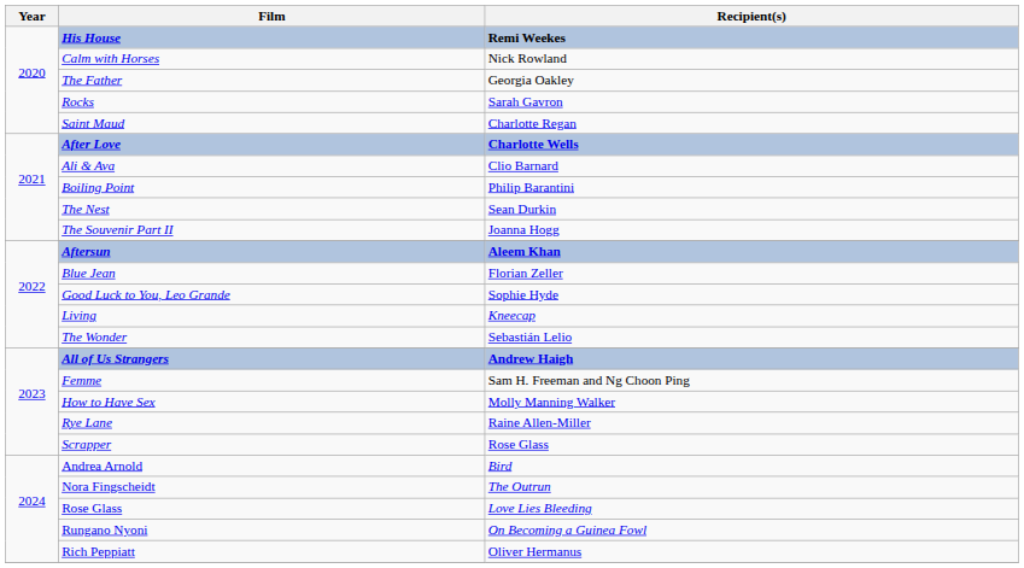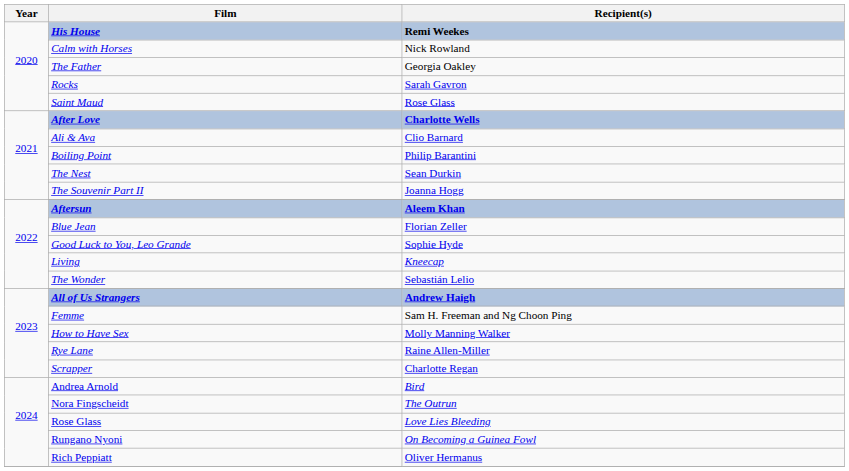 <table class="wikitable" width="95%" cellpadding="5">
 <tr>
 <th width="5%">Year</th>
 <th width="40%">Film</th>
 <th width="50%">Recipient(s)</th>
 </tr>
 <tr>
 <td rowspan="5" style="text-align:center;"><a href='#'>2020</a><br><br></td>
 <td style="background:#B0C4DE"><strong><em><a href='#'>His House</a></em></strong></td>
 <td style="background:#B0C4DE"><strong>Remi Weekes</strong></td>
 </tr>
 <tr>
 <td><em><a href='#'>Calm with Horses</a></em></td>
 <td>Nick Rowland</td>
 </tr>
 <tr>
 <td><em><a href='#'>The Father</a></em></td>
 <td>Georgia Oakley</td>
 </tr>
 <tr>
 <td><em><a href='#'>Rocks</a></em></td>
 <td><a href='#'>Sarah Gavron</a></td>
 </tr>
 <tr>
 <td><em><a href='#'>Saint Maud</a></em></td>
-<td><a href='#'>Charlotte Regan</a></td>
+<td><a href='#'>Rose Glass</a></td>
 </tr>
 <tr>
 <td rowspan="5" style="text-align:center;"><a href='#'>2021</a><br><br></td>
 <td style="background:#B0C4DE"><strong><em><a href='#'>After Love</a></em></strong></td>
 <td style="background:#B0C4DE"><strong><a href='#'>Charlotte Wells</a></strong></td>
 </tr>
 <tr>
 <td><em><a href='#'>Ali & Ava</a></em></td>
 <td><a href='#'>Clio Barnard</a></td>
 </tr>
 <tr>
 <td><em><a href='#'>Boiling Point</a></em></td>
 <td><a href='#'>Philip Barantini</a></td>
 </tr>
 <tr>
 <td><em><a href='#'>The Nest</a></em></td>
 <td><a href='#'>Sean Durkin</a></td>
 </tr>
 <tr>
 <td><em><a href='#'>The Souvenir Part II</a></em></td>
 <td><a href='#'>Joanna Hogg</a></td>
 </tr>
 <tr>
 <td rowspan="6" style="text-align:center;"><a href='#'>2022</a><br><br></td>
 </tr>
 <tr>
 <td style="background:#B0C4DE"><strong><em><a href='#'>Aftersun</a></em></strong></td>
 <td style="background:#B0C4DE"><strong><a href='#'>Aleem Khan</a></strong></td>
 </tr>
 <tr>
 <td><em><a href='#'>Blue Jean</a></em></td>
 <td><a href='#'>Florian Zeller</a></td>
 </tr>
 <tr>
 <td><em><a href='#'>Good Luck to You, Leo Grande</a></em></td>
 <td><a href='#'>Sophie Hyde</a></td>
 </tr>
 <tr>
 <td><em><a href='#'>Living</a></em></td>
 <td><em><a href='#'>Kneecap</a></em></td>
 </tr>
 <tr>
 <td><em><a href='#'>The Wonder</a></em></td>
 <td><a href='#'>Sebastián Lelio</a></td>
 </tr>
 <tr>
 <td rowspan="6" style="text-align:center;"><a href='#'>2023</a><br><br></td>
 </tr>
 <tr>
 <td style="background:#B0C4DE"><strong><em><a href='#'>All of Us Strangers</a></em></strong></td>
 <td style="background:#B0C4DE"><strong><a href='#'>Andrew Haigh</a></strong></td>
 </tr>
 <tr>
 <td><em><a href='#'>Femme</a></em></td>
 <td>Sam H. Freeman and Ng Choon Ping</td>
 </tr>
 <tr>
 <td><em><a href='#'>How to Have Sex</a></em></td>
 <td><a href='#'>Molly Manning Walker</a></td>
 </tr>
 <tr>
 <td><em><a href='#'>Rye Lane</a></em></td>
 <td><a href='#'>Raine Allen-Miller</a></td>
 </tr>
 <tr>
 <td><em><a href='#'>Scrapper</a></em></td>
-<td><a href='#'>Rose Glass</a></td>
+<td><a href='#'>Charlotte Regan</a></td>
 </tr>
 <tr>
 <td rowspan="5" style="text-align:center;"><a href='#'>2024</a><br><br></td>
 <td><a href='#'>Andrea Arnold</a></td>
 <td><em><a href='#'>Bird</a></em></td>
 </tr>
 <tr>
 <td><a href='#'>Nora Fingscheidt</a></td>
 <td><em><a href='#'>The Outrun</a></em></td>
 </tr>
 <tr>
 <td><a href='#'>Rose Glass</a></td>
 <td><em><a href='#'>Love Lies Bleeding</a></em></td>
 </tr>
 <tr>
 <td><a href='#'>Rungano Nyoni</a></td>
 <td><em><a href='#'>On Becoming a Guinea Fowl</a></em></td>
 </tr>
 <tr>
 <td><a href='#'>Rich Peppiatt</a></td>
 <td><a href='#'>Oliver Hermanus</a></td>
 </tr>
 <tr>
 </tr>
 </table>
